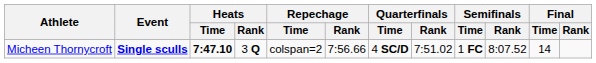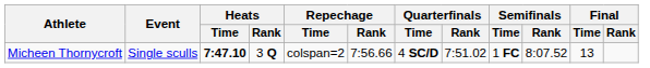 <table class="wikitable" style="font-size:90%">
 <tr>
 <th rowspan="2">Athlete</th>
 <th rowspan="2">Event</th>
 <th colspan="2">Heats</th>
 <th colspan="2">Repechage</th>
 <th colspan=2>Quarterfinals</th>
 <th colspan="2">Semifinals</th>
 <th colspan="2">Final</th>
 </tr>
 <tr style="font-size:95%">
 <th>Time</th>
 <th>Rank</th>
 <th>Time</th>
 <th>Rank</th>
 <th>Time</th>
 <th>Rank</th>
 <th>Time</th>
 <th>Rank</th>
 <th>Time</th>
 <th>Rank</th>
 </tr>
 <tr align=center>
 <td align=left><a href='#'>Micheen Thornycroft</a></td>
-<td align=left><strong><a href='#'>Single sculls</a></strong></td>
+<td align=left><a href='#'>Single sculls</a></td>
 <td><strong>7:47.10</strong></td>
 <td>3 <strong>Q</strong></td>
 <td>colspan=2 </td>
 <td>7:56.66</td>
 <td>4 <strong>SC/D</strong></td>
 <td>7:51.02</td>
 <td>1 <strong>FC</strong></td>
 <td>8:07.52</td>
-<td>14</td>
+<td>13</td>
 </tr>
 </table>
